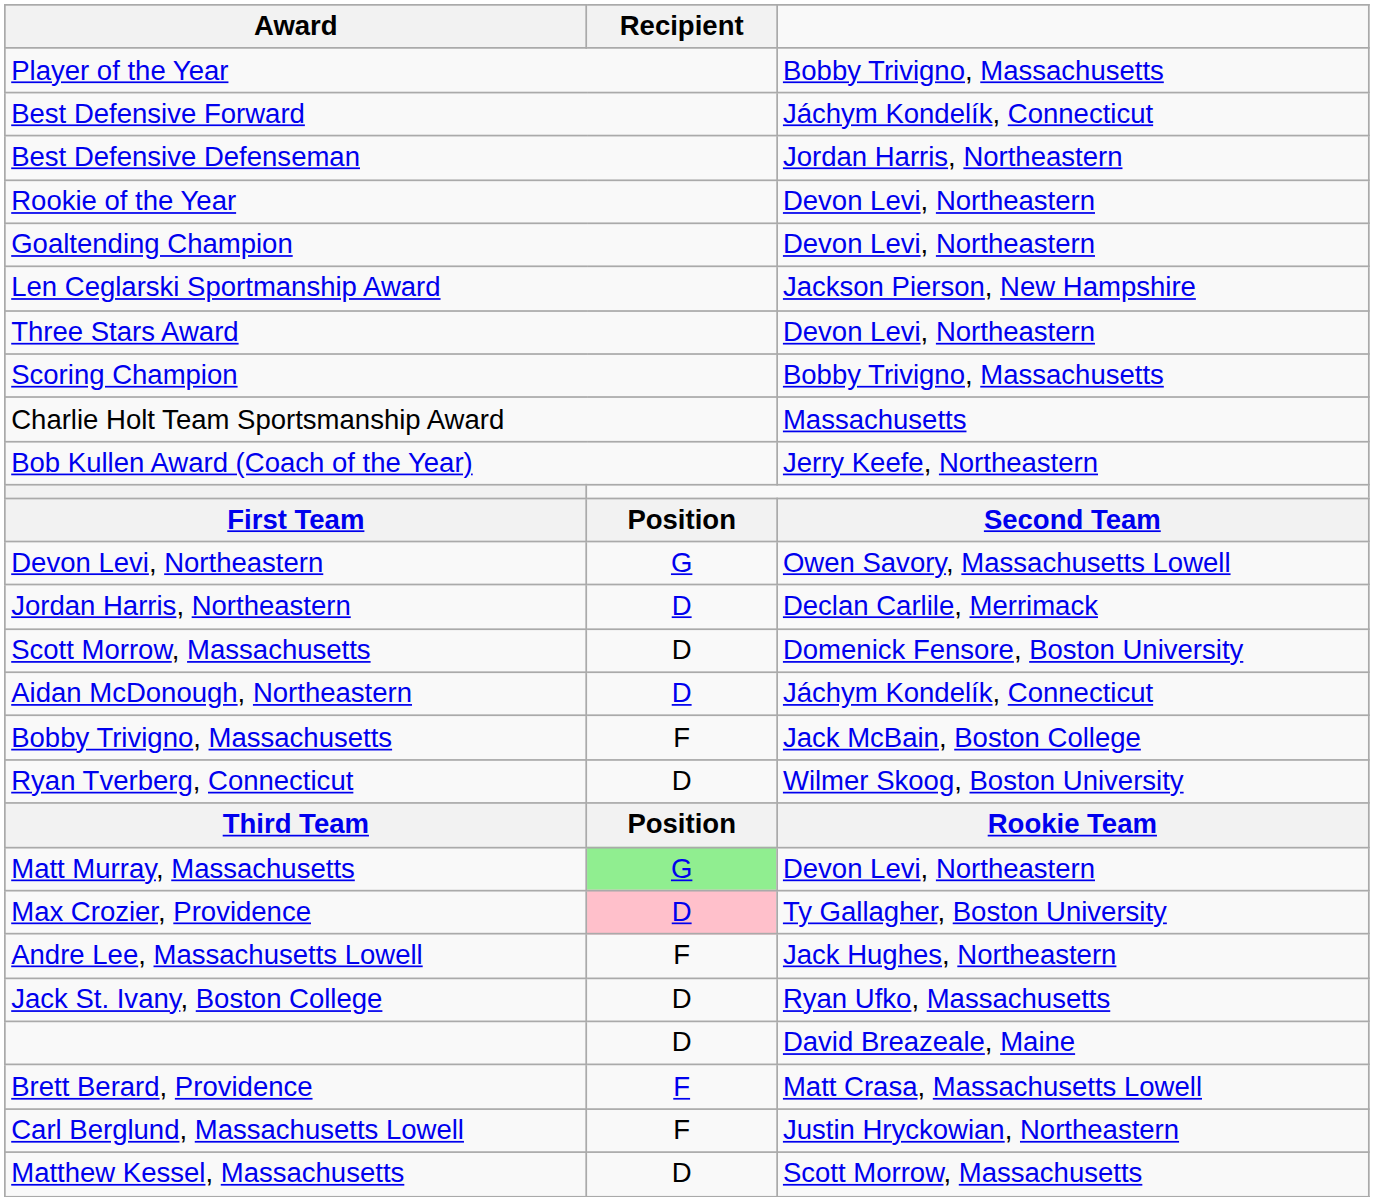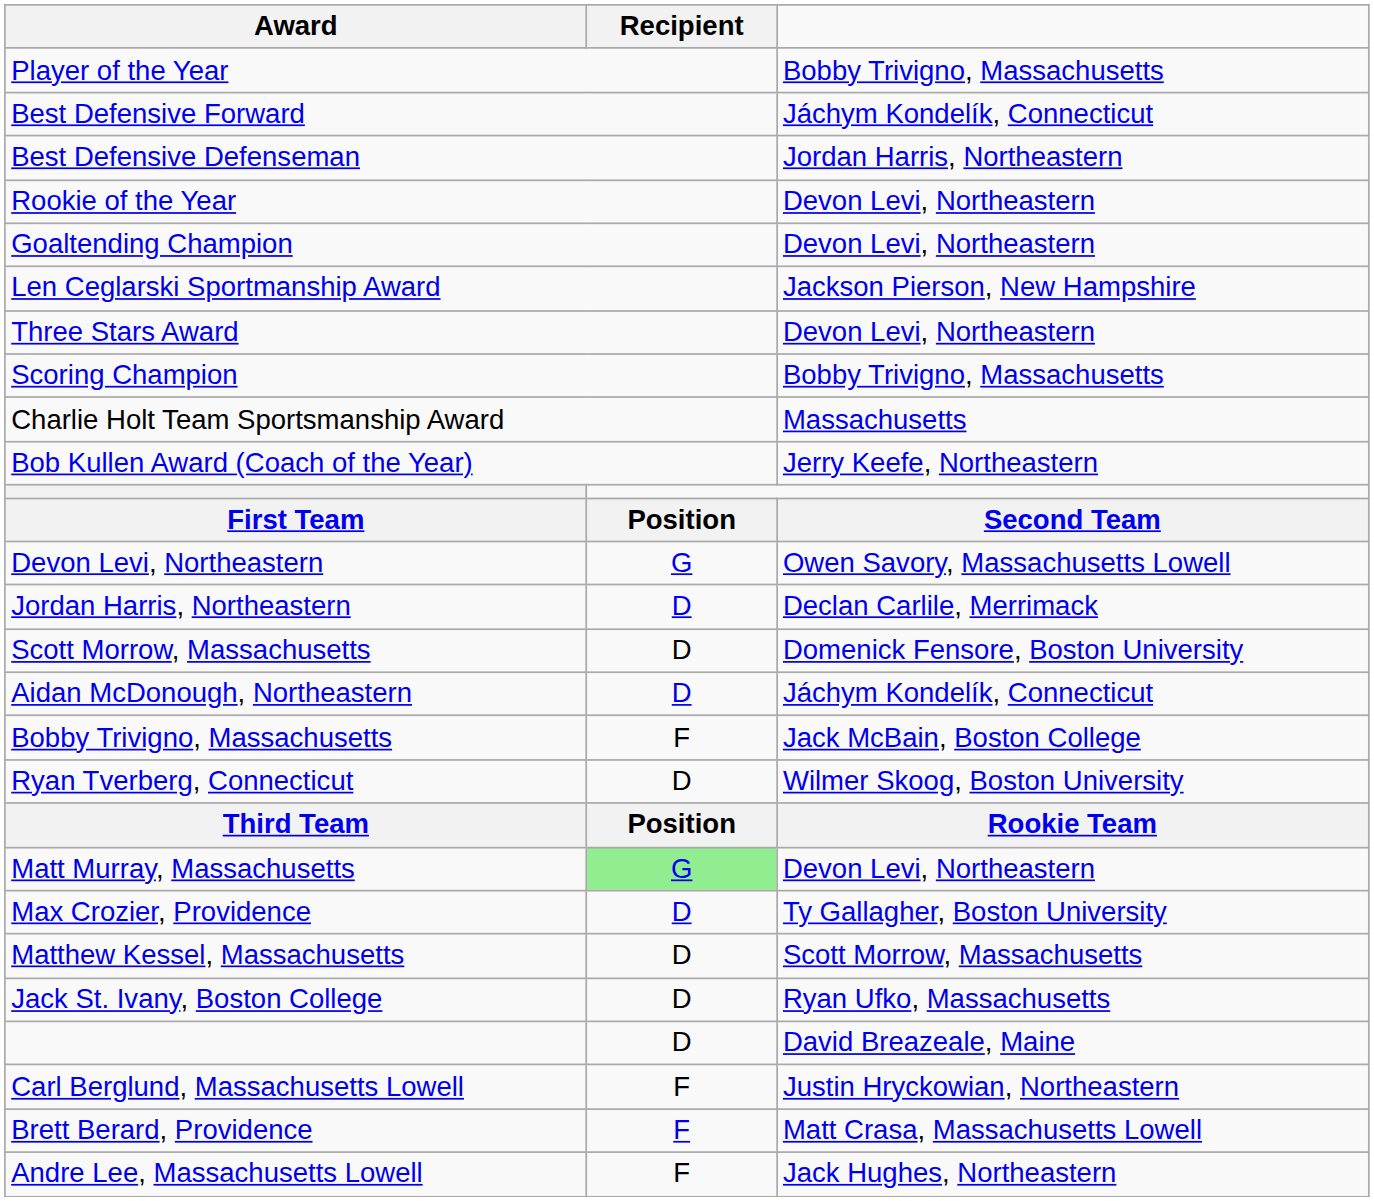 <table class="wikitable" width=40%>
 <tr>
 <th>Award</th>
 <th>Recipient</th>
 </tr>
 <tr>
 <td colspan=2><a href='#'>Player of the Year</a></td>
 <td><a href='#'>Bobby Trivigno</a>, <a href='#'>Massachusetts</a></td>
 </tr>
 <tr>
 <td colspan=2><a href='#'>Best Defensive Forward</a></td>
 <td><a href='#'>Jáchym Kondelík</a>, <a href='#'>Connecticut</a></td>
 </tr>
 <tr>
 <td colspan=2><a href='#'>Best Defensive Defenseman</a></td>
 <td><a href='#'>Jordan Harris</a>, <a href='#'>Northeastern</a></td>
 </tr>
 <tr>
 <td colspan=2><a href='#'>Rookie of the Year</a></td>
 <td><a href='#'>Devon Levi</a>, <a href='#'>Northeastern</a></td>
 </tr>
 <tr>
 <td colspan=2><a href='#'>Goaltending Champion</a></td>
 <td><a href='#'>Devon Levi</a>, <a href='#'>Northeastern</a></td>
 </tr>
 <tr>
 <td colspan=2><a href='#'>Len Ceglarski Sportmanship Award</a></td>
 <td><a href='#'>Jackson Pierson</a>, <a href='#'>New Hampshire</a></td>
 </tr>
 <tr>
 <td colspan=2><a href='#'>Three Stars Award</a></td>
 <td><a href='#'>Devon Levi</a>, <a href='#'>Northeastern</a></td>
 </tr>
 <tr>
 <td colspan=2><a href='#'>Scoring Champion</a></td>
 <td><a href='#'>Bobby Trivigno</a>, <a href='#'>Massachusetts</a></td>
 </tr>
 <tr>
 <td colspan=2>Charlie Holt Team Sportsmanship Award</td>
 <td><a href='#'>Massachusetts</a></td>
 </tr>
 <tr>
 <td colspan=2><a href='#'>Bob Kullen Award (Coach of the Year)</a></td>
 <td><a href='#'>Jerry Keefe</a>, <a href='#'>Northeastern</a></td>
 </tr>
 <tr>
 <th><a href='#'></a></th>
 </tr>
 <tr>
 <th><a href='#'>First Team</a></th>
 <th>  Position  </th>
 <th><a href='#'>Second Team</a></th>
 </tr>
 <tr>
 <td><a href='#'>Devon Levi</a>, <a href='#'>Northeastern</a></td>
 <td align=center><a href='#'>G</a></td>
 <td><a href='#'>Owen Savory</a>, <a href='#'>Massachusetts Lowell</a></td>
 </tr>
 <tr>
 <td><a href='#'>Jordan Harris</a>, <a href='#'>Northeastern</a></td>
 <td align=center><a href='#'>D</a></td>
 <td><a href='#'>Declan Carlile</a>, <a href='#'>Merrimack</a></td>
 </tr>
 <tr>
 <td><a href='#'>Scott Morrow</a>, <a href='#'>Massachusetts</a></td>
 <td align=center>D</td>
 <td><a href='#'>Domenick Fensore</a>, <a href='#'>Boston University</a></td>
 </tr>
 <tr>
 <td><a href='#'>Aidan McDonough</a>, <a href='#'>Northeastern</a></td>
 <td align=center><a href='#'>D</a></td>
 <td><a href='#'>Jáchym Kondelík</a>, <a href='#'>Connecticut</a></td>
 </tr>
 <tr>
 <td><a href='#'>Bobby Trivigno</a>, <a href='#'>Massachusetts</a></td>
 <td align=center>F</td>
 <td><a href='#'>Jack McBain</a>, <a href='#'>Boston College</a></td>
 </tr>
 <tr>
 <td><a href='#'>Ryan Tverberg</a>, <a href='#'>Connecticut</a></td>
 <td align=center>D</td>
 <td><a href='#'>Wilmer Skoog</a>, <a href='#'>Boston University</a></td>
 </tr>
 <tr>
 <th><a href='#'>Third Team</a></th>
 <th>  Position  </th>
 <th><a href='#'>Rookie Team</a></th>
 </tr>
 <tr>
 <td><a href='#'>Matt Murray</a>, <a href='#'>Massachusetts</a></td>
 <td align=center style="background: lightgreen;"><a href='#'>G</a></td>
 <td><a href='#'>Devon Levi</a>, <a href='#'>Northeastern</a></td>
 </tr>
 <tr>
 <td><a href='#'>Max Crozier</a>, <a href='#'>Providence</a></td>
-<td align=center style="background: pink;"><a href='#'>D</a></td>
+<td align=center><a href='#'>D</a></td>
 <td><a href='#'>Ty Gallagher</a>, <a href='#'>Boston University</a></td>
 </tr>
 <tr>
-<td><a href='#'>Andre Lee</a>, <a href='#'>Massachusetts Lowell</a></td>
-<td align=center>F</td>
-<td><a href='#'>Jack Hughes</a>, <a href='#'>Northeastern</a></td>
+<td><a href='#'>Matthew Kessel</a>, <a href='#'>Massachusetts</a></td>
+<td align=center>D</td>
+<td><a href='#'>Scott Morrow</a>, <a href='#'>Massachusetts</a></td>
 </tr>
 <tr>
 <td><a href='#'>Jack St. Ivany</a>, <a href='#'>Boston College</a></td>
 <td align=center>D</td>
 <td><a href='#'>Ryan Ufko</a>, <a href='#'>Massachusetts</a></td>
 </tr>
 <tr>
 <td></td>
 <td align=center>D</td>
 <td><a href='#'>David Breazeale</a>, <a href='#'>Maine</a></td>
 </tr>
 <tr>
+<td><a href='#'>Carl Berglund</a>, <a href='#'>Massachusetts Lowell</a></td>
+<td align=center>F</td>
+<td><a href='#'>Justin Hryckowian</a>, <a href='#'>Northeastern</a></td>
+</tr>
+<tr>
 <td><a href='#'>Brett Berard</a>, <a href='#'>Providence</a></td>
 <td align=center><a href='#'>F</a></td>
 <td><a href='#'>Matt Crasa</a>, <a href='#'>Massachusetts Lowell</a></td>
 </tr>
 <tr>
-<td><a href='#'>Carl Berglund</a>, <a href='#'>Massachusetts Lowell</a></td>
+<td><a href='#'>Andre Lee</a>, <a href='#'>Massachusetts Lowell</a></td>
 <td align=center>F</td>
-<td><a href='#'>Justin Hryckowian</a>, <a href='#'>Northeastern</a></td>
-</tr>
-<tr>
-<td><a href='#'>Matthew Kessel</a>, <a href='#'>Massachusetts</a></td>
-<td align=center>D</td>
-<td><a href='#'>Scott Morrow</a>, <a href='#'>Massachusetts</a></td>
+<td><a href='#'>Jack Hughes</a>, <a href='#'>Northeastern</a></td>
 </tr>
 <tr>
 </tr>
 </table>
